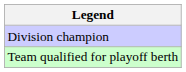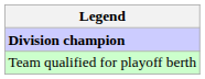 <table class="wikitable">
 <tr>
 <th>Legend</th>
 </tr>
 <tr style="background:#ccf;">
-<td>Division champion</td>
+<td><strong>Division champion</strong></td>
 </tr>
 <tr style="background:#cfc;">
 <td>Team qualified for playoff berth</td>
 </tr>
 </table>
